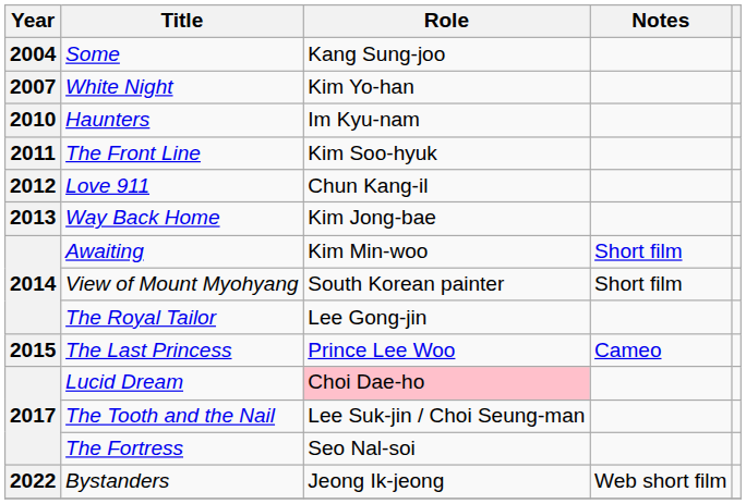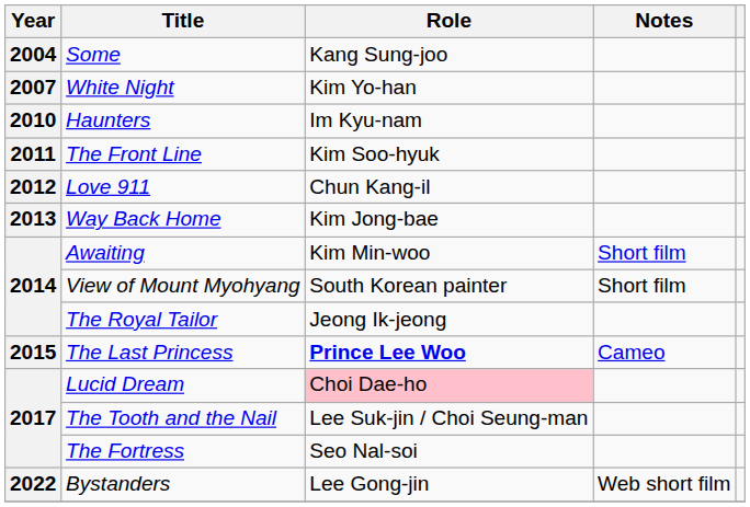 <table class="wikitable plainrowheaders sortable">
 <tr>
 <th scope="col">Year</th>
 <th scope="col">Title</th>
 <th scope="col">Role</th>
 <th scope="col" class="unsortable">Notes</th>
 <th scope="col" class="unsortable"></th>
 </tr>
 <tr>
 <th scope="row">2004</th>
 <td><em><a href='#'>Some</a></em></td>
 <td>Kang Sung-joo</td>
 <td></td>
 <td></td>
 </tr>
 <tr>
 <th scope="row">2007</th>
 <td><em><a href='#'>White Night</a></em></td>
 <td>Kim Yo-han</td>
 <td></td>
 <td></td>
 </tr>
 <tr>
 <th scope="row">2010</th>
 <td><em><a href='#'>Haunters</a></em></td>
 <td>Im Kyu-nam</td>
 <td></td>
 <td></td>
 </tr>
 <tr>
 <th scope="row">2011</th>
 <td><em><a href='#'>The Front Line</a></em></td>
 <td>Kim Soo-hyuk</td>
 <td></td>
 <td></td>
 </tr>
 <tr>
 <th scope="row">2012</th>
 <td><em><a href='#'>Love 911</a></em></td>
 <td>Chun Kang-il</td>
 <td></td>
 <td></td>
 </tr>
 <tr>
 <th scope="row">2013</th>
 <td><em><a href='#'>Way Back Home</a></em></td>
 <td>Kim Jong-bae</td>
 <td></td>
 <td></td>
 </tr>
 <tr>
 <th scope="row" rowspan="3">2014</th>
 <td><em><a href='#'>Awaiting</a></em></td>
 <td>Kim Min-woo</td>
 <td><a href='#'>Short film</a></td>
 <td></td>
 </tr>
 <tr>
 <td><em>View of Mount Myohyang</em></td>
 <td>South Korean painter</td>
 <td>Short film</td>
 <td></td>
 </tr>
 <tr>
 <td><em><a href='#'>The Royal Tailor</a></em></td>
-<td>Lee Gong-jin</td>
+<td>Jeong Ik-jeong</td>
 <td></td>
 <td></td>
 </tr>
 <tr>
 <th scope="row">2015</th>
 <td><em><a href='#'>The Last Princess</a></em></td>
-<td><a href='#'>Prince Lee Woo</a></td>
+<td><strong><a href='#'>Prince Lee Woo</a></strong></td>
 <td><a href='#'>Cameo</a></td>
 <td style="text-align:center"></td>
 </tr>
 <tr>
 <th scope="row" rowspan="3">2017</th>
 <td><em><a href='#'>Lucid Dream</a></em></td>
 <td style="background: pink;">Choi Dae-ho</td>
 <td></td>
 <td></td>
 </tr>
 <tr>
 <td><em><a href='#'>The Tooth and the Nail</a></em></td>
 <td>Lee Suk-jin / Choi Seung-man</td>
 <td></td>
 <td></td>
 </tr>
 <tr>
 <td><em><a href='#'>The Fortress</a></em></td>
 <td>Seo Nal-soi</td>
 <td></td>
 <td></td>
 </tr>
 <tr>
 <th scope="row">2022</th>
 <td><em>Bystanders</em></td>
-<td>Jeong Ik-jeong</td>
+<td>Lee Gong-jin</td>
 <td>Web short film</td>
 <td style="text-align:center"></td>
 </tr>
 <tr>
 </tr>
 </table>
